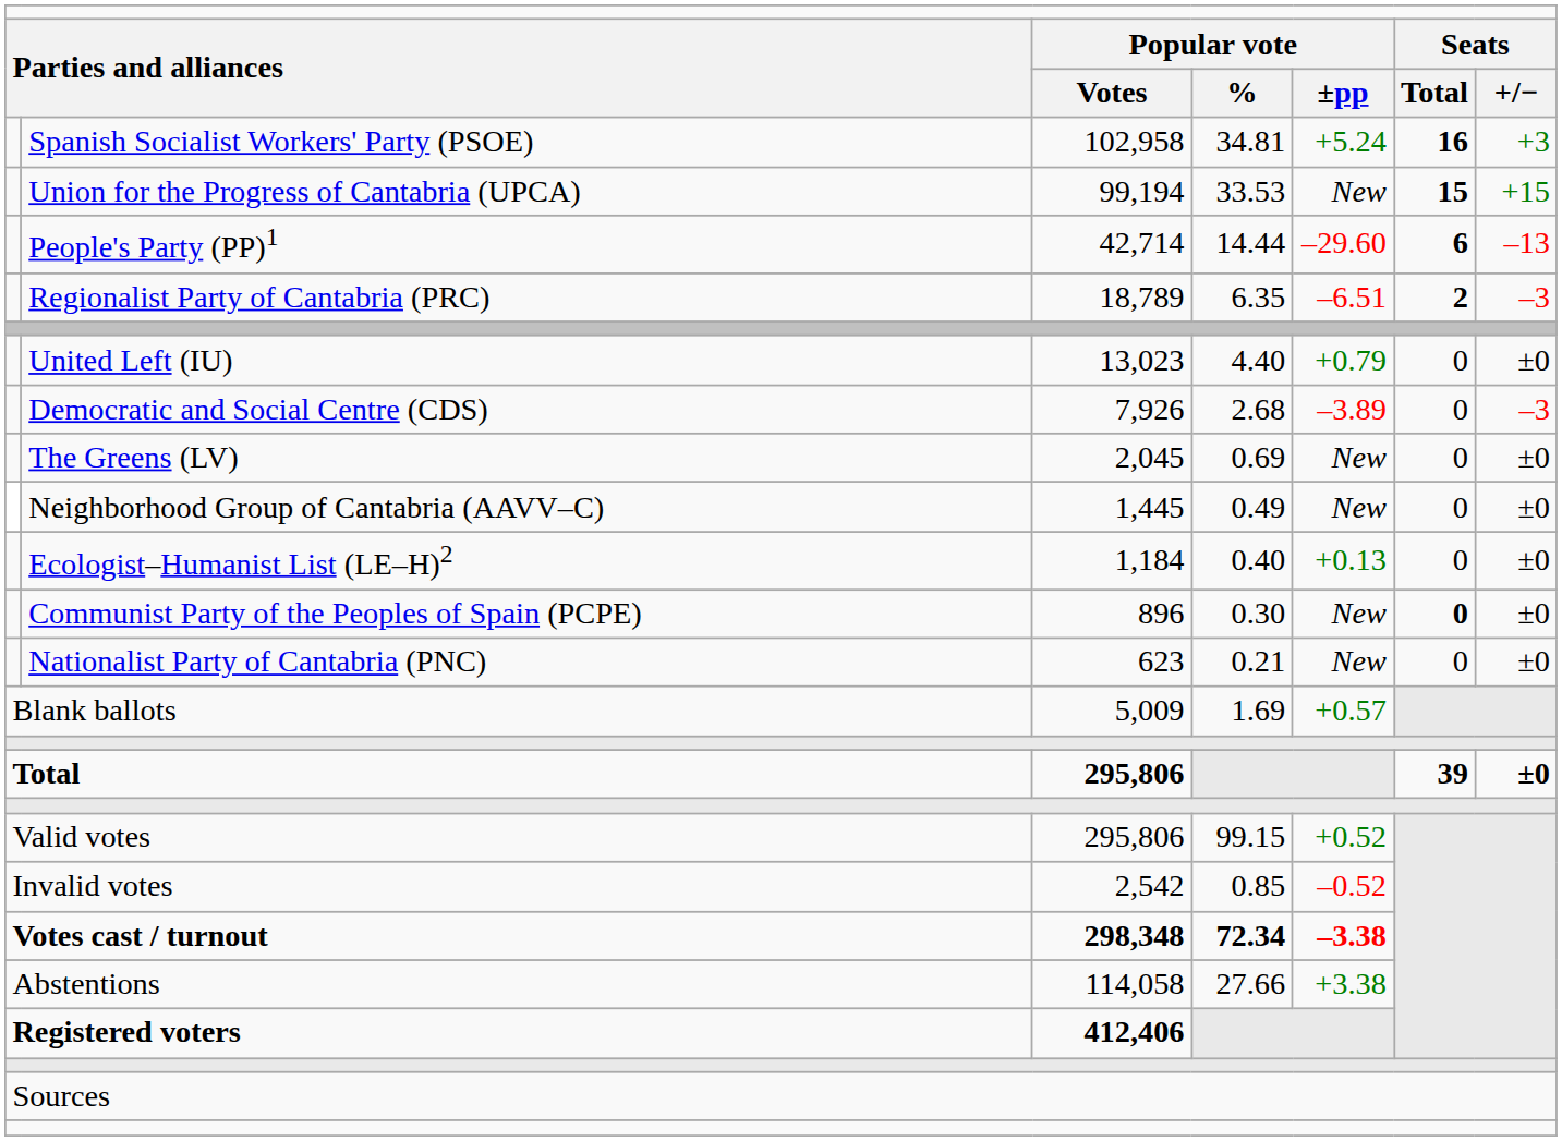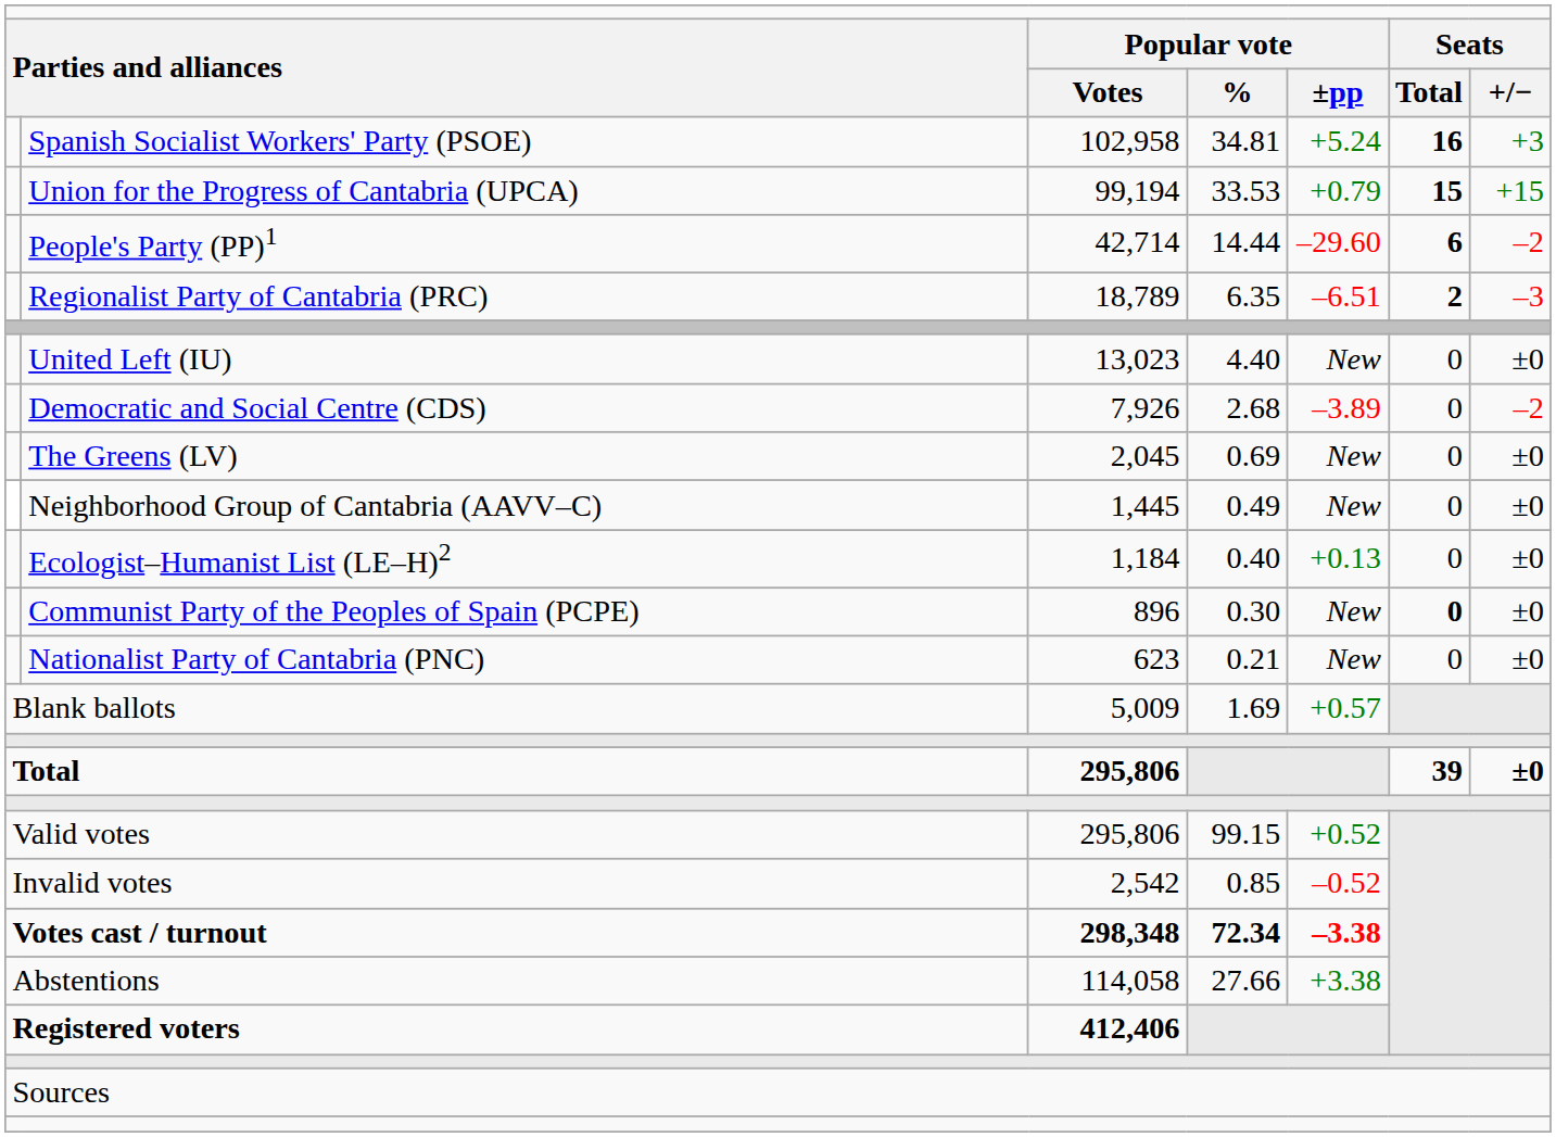 <table class="wikitable" style="text-align:right;">
 <tr>
 <td colspan="7"></td>
 </tr>
 <tr>
 <th style="text-align:left;" rowspan="2" colspan="2" width="525">Parties and alliances</th>
 <th colspan="3">Popular vote</th>
 <th colspan="2">Seats</th>
 </tr>
 <tr>
 <th width="75">Votes</th>
 <th width="45">%</th>
 <th width="45">±<a href='#'>pp</a></th>
 <th width="35">Total</th>
 <th width="35">+/−</th>
 </tr>
 <tr>
 <td width="1" style="color:inherit;background:"></td>
 <td align="left"><a href='#'>Spanish Socialist Workers' Party</a> (PSOE)</td>
 <td>102,958</td>
 <td>34.81</td>
 <td style="color:green;">+5.24</td>
 <td><strong>16</strong></td>
 <td style="color:green;">+3</td>
 </tr>
 <tr>
 <td style="color:inherit;background:"></td>
 <td align="left"><a href='#'>Union for the Progress of Cantabria</a> (UPCA)</td>
 <td>99,194</td>
 <td>33.53</td>
-<td><em>New</em></td>
+<td style="color:green;">+0.79</td>
 <td><strong>15</strong></td>
 <td style="color:green;">+15</td>
 </tr>
 <tr>
 <td style="color:inherit;background:"></td>
 <td align="left"><a href='#'>People's Party</a> (PP)<sup>1</sup></td>
 <td>42,714</td>
 <td>14.44</td>
 <td style="color:red;">–29.60</td>
 <td><strong>6</strong></td>
-<td style="color:red;">–13</td>
+<td style="color:red;">–2</td>
 </tr>
 <tr>
 <td style="color:inherit;background:"></td>
 <td align="left"><a href='#'>Regionalist Party of Cantabria</a> (PRC)</td>
 <td>18,789</td>
 <td>6.35</td>
 <td style="color:red;">–6.51</td>
 <td><strong>2</strong></td>
 <td style="color:red;">–3</td>
 </tr>
 <tr>
 <td colspan="7" bgcolor="#C0C0C0"></td>
 </tr>
 <tr>
 <td style="color:inherit;background:"></td>
 <td align="left"><a href='#'>United Left</a> (IU)</td>
 <td>13,023</td>
 <td>4.40</td>
-<td style="color:green;">+0.79</td>
+<td><em>New</em></td>
 <td>0</td>
 <td>±0</td>
 </tr>
 <tr>
 <td style="color:inherit;background:"></td>
 <td align="left"><a href='#'>Democratic and Social Centre</a> (CDS)</td>
 <td>7,926</td>
 <td>2.68</td>
 <td style="color:red;">–3.89</td>
 <td>0</td>
-<td style="color:red;">–3</td>
+<td style="color:red;">–2</td>
 </tr>
 <tr>
 <td style="color:inherit;background:"></td>
 <td align="left"><a href='#'>The Greens</a> (LV)</td>
 <td>2,045</td>
 <td>0.69</td>
 <td><em>New</em></td>
 <td>0</td>
 <td>±0</td>
 </tr>
 <tr>
 <td bgcolor="white"></td>
 <td align="left">Neighborhood Group of Cantabria (AAVV–C)</td>
 <td>1,445</td>
 <td>0.49</td>
 <td><em>New</em></td>
 <td>0</td>
 <td>±0</td>
 </tr>
 <tr>
 <td style="color:inherit;background:"></td>
 <td align="left"><a href='#'>Ecologist</a>–<a href='#'>Humanist List</a> (LE–H)<sup>2</sup></td>
 <td>1,184</td>
 <td>0.40</td>
 <td style="color:green;">+0.13</td>
 <td>0</td>
 <td>±0</td>
 </tr>
 <tr>
 <td style="color:inherit;background:"></td>
 <td align="left"><a href='#'>Communist Party of the Peoples of Spain</a> (PCPE)</td>
 <td>896</td>
 <td>0.30</td>
 <td><em>New</em></td>
 <td><strong>0</strong></td>
 <td>±0</td>
 </tr>
 <tr>
 <td style="color:inherit;background:"></td>
 <td align="left"><a href='#'>Nationalist Party of Cantabria</a> (PNC)</td>
 <td>623</td>
 <td>0.21</td>
 <td><em>New</em></td>
 <td>0</td>
 <td>±0</td>
 </tr>
 <tr>
 <td align="left" colspan="2">Blank ballots</td>
 <td>5,009</td>
 <td>1.69</td>
 <td style="color:green;">+0.57</td>
 <td bgcolor="#E9E9E9" colspan="2"></td>
 </tr>
 <tr>
 <td colspan="7" bgcolor="#E9E9E9"></td>
 </tr>
 <tr style="font-weight:bold;">
 <td align="left" colspan="2">Total</td>
 <td>295,806</td>
 <td bgcolor="#E9E9E9" colspan="2"></td>
 <td>39</td>
 <td>±0</td>
 </tr>
 <tr>
 <td colspan="7" bgcolor="#E9E9E9"></td>
 </tr>
 <tr>
 <td align="left" colspan="2">Valid votes</td>
 <td>295,806</td>
 <td>99.15</td>
 <td style="color:green;">+0.52</td>
 <td bgcolor="#E9E9E9" colspan="2" rowspan="5"></td>
 </tr>
 <tr>
 <td align="left" colspan="2">Invalid votes</td>
 <td>2,542</td>
 <td>0.85</td>
 <td style="color:red;">–0.52</td>
 </tr>
 <tr style="font-weight:bold;">
 <td align="left" colspan="2">Votes cast / turnout</td>
 <td>298,348</td>
 <td>72.34</td>
 <td style="color:red;">–3.38</td>
 </tr>
 <tr>
 <td align="left" colspan="2">Abstentions</td>
 <td>114,058</td>
 <td>27.66</td>
 <td style="color:green;">+3.38</td>
 </tr>
 <tr style="font-weight:bold;">
 <td align="left" colspan="2">Registered voters</td>
 <td>412,406</td>
 <td bgcolor="#E9E9E9" colspan="2"></td>
 </tr>
 <tr>
 <td colspan="7" bgcolor="#E9E9E9"></td>
 </tr>
 <tr>
 <td align="left" colspan="7">Sources</td>
 </tr>
 <tr>
 <td colspan="7" style="text-align:left; max-width:790px;"></td>
 </tr>
 </table>
